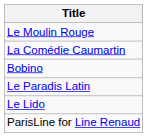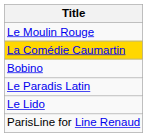 <table class="wikitable sortable mw-collapsible">
 <tr>
 <th>Title</th>
 </tr>
 <tr>
 <td><a href='#'>Le Moulin Rouge</a></td>
 </tr>
 <tr>
-<td><a href='#'>La Comédie Caumartin</a></td>
+<td style="background: gold;"><a href='#'>La Comédie Caumartin</a></td>
 </tr>
 <tr>
 <td><a href='#'>Bobino</a></td>
 </tr>
 <tr>
 <td><a href='#'>Le Paradis Latin</a></td>
 </tr>
 <tr>
 <td><a href='#'>Le Lido</a></td>
 </tr>
 <tr>
 <td>ParisLine for <a href='#'>Line Renaud</a></td>
 </tr>
 </table>
